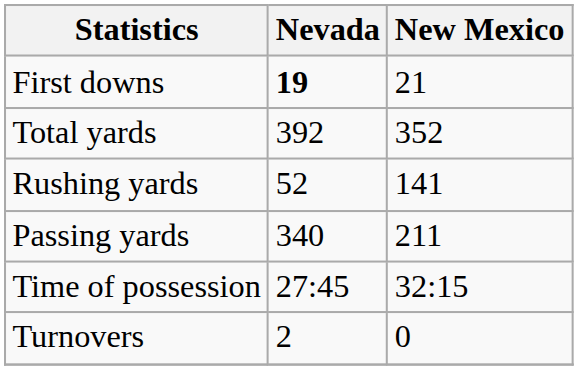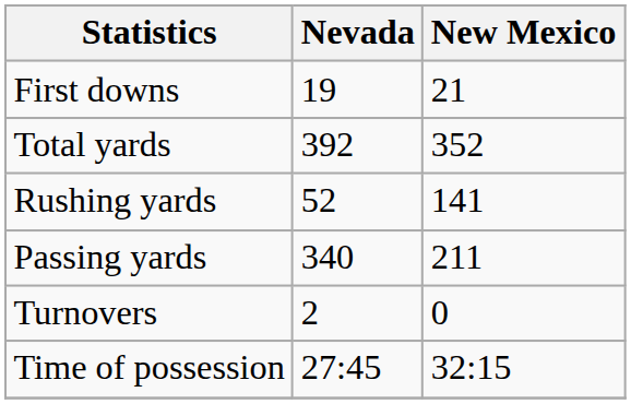 <table class="wikitable">
 <tr>
 <th>Statistics</th>
 <th>Nevada</th>
 <th>New Mexico</th>
 </tr>
 <tr>
 <td>First downs</td>
-<td><strong>19</strong></td>
+<td>19</td>
 <td>21</td>
 </tr>
 <tr>
 <td>Total yards</td>
 <td>392</td>
 <td>352</td>
 </tr>
 <tr>
 <td>Rushing yards</td>
 <td>52</td>
 <td>141</td>
 </tr>
 <tr>
 <td>Passing yards</td>
 <td>340</td>
 <td>211</td>
 </tr>
 <tr>
+<td>Turnovers</td>
+<td>2</td>
+<td>0</td>
+</tr>
+<tr>
 <td>Time of possession</td>
 <td>27:45</td>
 <td>32:15</td>
 </tr>
 <tr>
-<td>Turnovers</td>
-<td>2</td>
-<td>0</td>
-</tr>
-<tr>
 </tr>
 </table>
